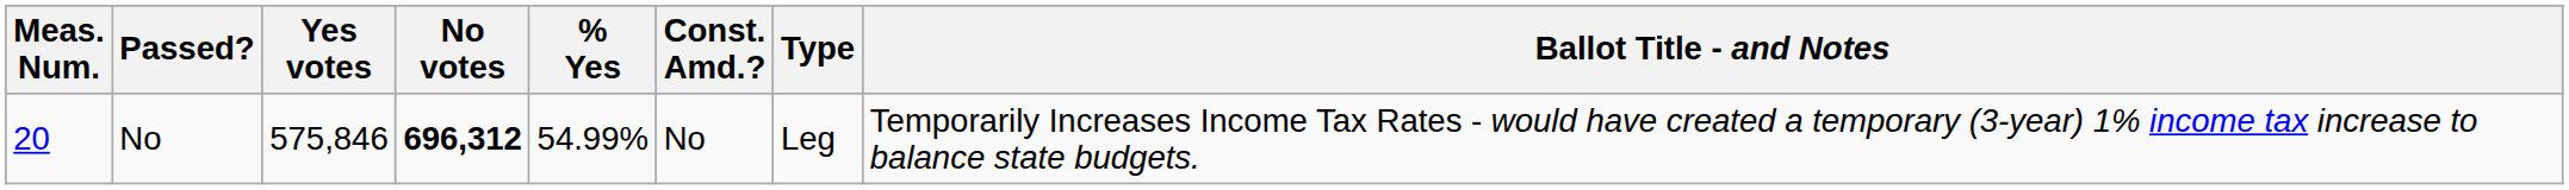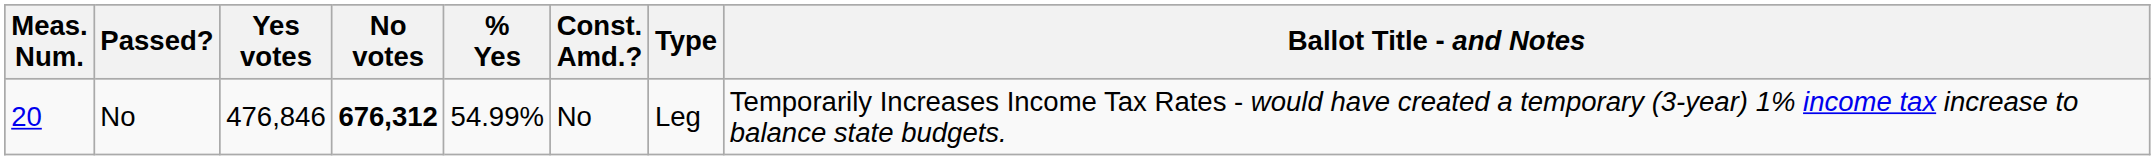 <table class="wikitable sortable">
 <tr>
 <th>Meas.<br>Num.</th>
 <th>Passed?</th>
 <th>Yes<br>votes</th>
 <th>No<br>votes</th>
 <th>%<br>Yes</th>
 <th>Const.<br>Amd.?</th>
 <th>Type</th>
 <th>Ballot Title - <em>and Notes</em></th>
 </tr>
 <tr>
 <td><a href='#'>20</a></td>
 <td>No</td>
-<td>575,846</td>
-<td><strong>696,312</strong></td>
+<td>476,846</td>
+<td><strong>676,312</strong></td>
 <td>54.99%</td>
 <td>No</td>
 <td>Leg</td>
 <td>Temporarily Increases Income Tax Rates - <em>would have created a temporary (3-year) 1% <a href='#'>income tax</a> increase to balance state budgets.</em></td>
 </tr>
 </table>
